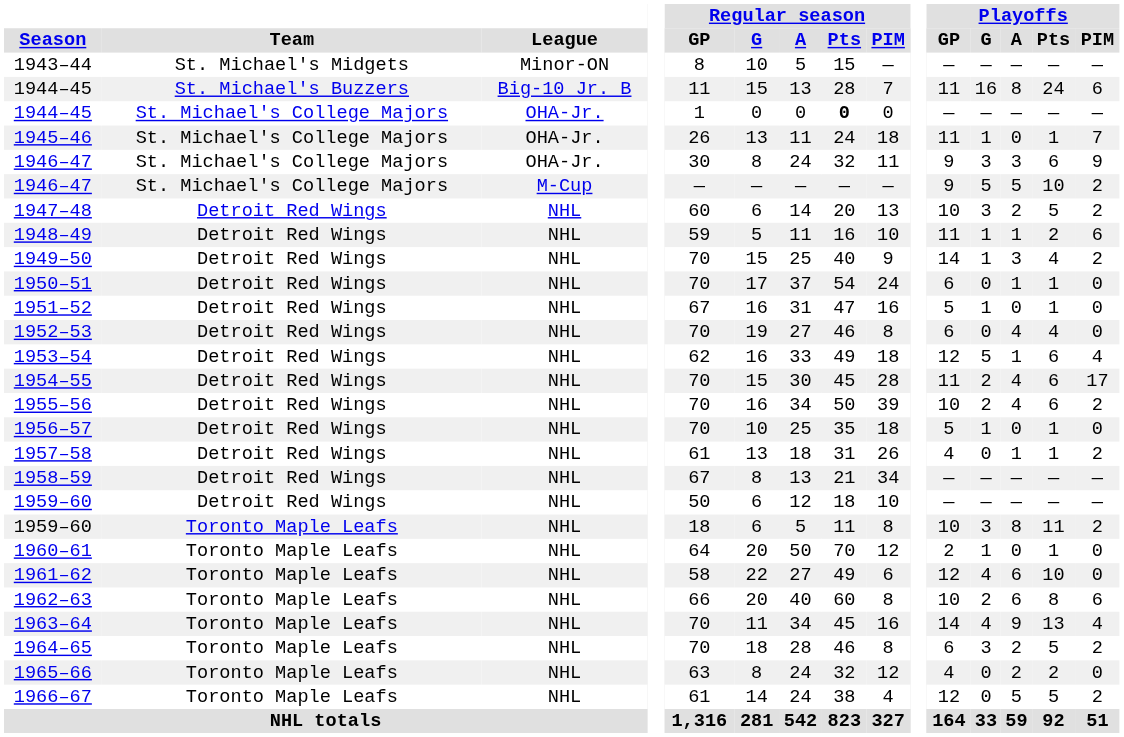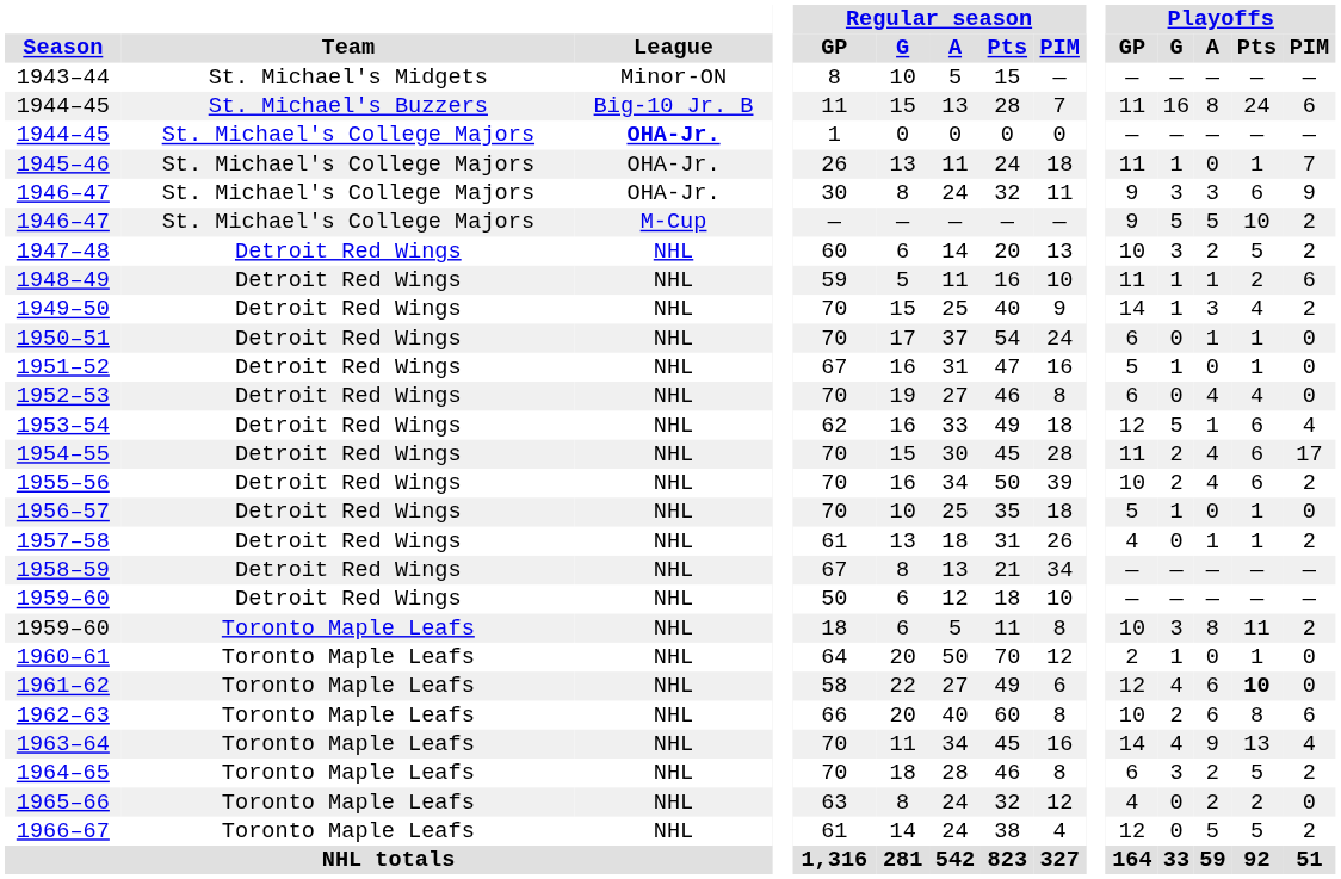 <table border="0" cellpadding="1" cellspacing="0" style="text-align:center; width:60em;">
 <tr style="background:#e0e0e0;">
 <th colspan="3"  bgcolor="#ffffff"> </th>
 <th rowspan="99" bgcolor="#ffffff"> </th>
 <th colspan="5"><a href='#'>Regular season</a></th>
 <th rowspan="99" bgcolor="#ffffff"> </th>
 <th colspan="5"><a href='#'>Playoffs</a></th>
 </tr>
 <tr style="background:#e0e0e0;">
 <th><a href='#'>Season</a></th>
 <th>Team</th>
 <th>League</th>
 <th>GP</th>
 <th><a href='#'>G</a></th>
 <th><a href='#'>A</a></th>
 <th><a href='#'>Pts</a></th>
 <th><a href='#'>PIM</a></th>
 <th>GP</th>
 <th>G</th>
 <th>A</th>
 <th>Pts</th>
 <th>PIM</th>
 </tr>
 <tr>
 <td>1943–44</td>
 <td>St. Michael's Midgets</td>
 <td>Minor-ON</td>
 <td>8</td>
 <td>10</td>
 <td>5</td>
 <td>15</td>
 <td>—</td>
 <td>—</td>
 <td>—</td>
 <td>—</td>
 <td>—</td>
 <td>—</td>
 </tr>
 <tr style="background:#f0f0f0;">
 <td>1944–45</td>
 <td><a href='#'>St. Michael's Buzzers</a></td>
 <td><a href='#'>Big-10 Jr. B</a></td>
 <td>11</td>
 <td>15</td>
 <td>13</td>
 <td>28</td>
 <td>7</td>
 <td>11</td>
 <td>16</td>
 <td>8</td>
 <td>24</td>
 <td>6</td>
 </tr>
 <tr>
 <td><a href='#'>1944–45</a></td>
 <td><a href='#'>St. Michael's College Majors</a></td>
-<td><a href='#'>OHA-Jr.</a></td>
+<td><strong><a href='#'>OHA-Jr.</a></strong></td>
 <td>1</td>
 <td>0</td>
 <td>0</td>
-<td><strong>0</strong></td>
+<td>0</td>
 <td>0</td>
 <td>—</td>
 <td>—</td>
 <td>—</td>
 <td>—</td>
 <td>—</td>
 </tr>
 <tr style="background:#f0f0f0;">
 <td><a href='#'>1945–46</a></td>
 <td>St. Michael's College Majors</td>
 <td>OHA-Jr.</td>
 <td>26</td>
 <td>13</td>
 <td>11</td>
 <td>24</td>
 <td>18</td>
 <td>11</td>
 <td>1</td>
 <td>0</td>
 <td>1</td>
 <td>7</td>
 </tr>
 <tr>
 <td><a href='#'>1946–47</a></td>
 <td>St. Michael's College Majors</td>
 <td>OHA-Jr.</td>
 <td>30</td>
 <td>8</td>
 <td>24</td>
 <td>32</td>
 <td>11</td>
 <td>9</td>
 <td>3</td>
 <td>3</td>
 <td>6</td>
 <td>9</td>
 </tr>
 <tr style="background:#f0f0f0;">
 <td><a href='#'>1946–47</a></td>
 <td>St. Michael's College Majors</td>
 <td><a href='#'>M-Cup</a></td>
 <td>—</td>
 <td>—</td>
 <td>—</td>
 <td>—</td>
 <td>—</td>
 <td>9</td>
 <td>5</td>
 <td>5</td>
 <td>10</td>
 <td>2</td>
 </tr>
 <tr>
 <td><a href='#'>1947–48</a></td>
 <td><a href='#'>Detroit Red Wings</a></td>
 <td><a href='#'>NHL</a></td>
 <td>60</td>
 <td>6</td>
 <td>14</td>
 <td>20</td>
 <td>13</td>
 <td>10</td>
 <td>3</td>
 <td>2</td>
 <td>5</td>
 <td>2</td>
 </tr>
 <tr style="background:#f0f0f0;">
 <td><a href='#'>1948–49</a></td>
 <td>Detroit Red Wings</td>
 <td>NHL</td>
 <td>59</td>
 <td>5</td>
 <td>11</td>
 <td>16</td>
 <td>10</td>
 <td>11</td>
 <td>1</td>
 <td>1</td>
 <td>2</td>
 <td>6</td>
 </tr>
 <tr>
 <td><a href='#'>1949–50</a></td>
 <td>Detroit Red Wings</td>
 <td>NHL</td>
 <td>70</td>
 <td>15</td>
 <td>25</td>
 <td>40</td>
 <td>9</td>
 <td>14</td>
 <td>1</td>
 <td>3</td>
 <td>4</td>
 <td>2</td>
 </tr>
 <tr style="background:#f0f0f0;">
 <td><a href='#'>1950–51</a></td>
 <td>Detroit Red Wings</td>
 <td>NHL</td>
 <td>70</td>
 <td>17</td>
 <td>37</td>
 <td>54</td>
 <td>24</td>
 <td>6</td>
 <td>0</td>
 <td>1</td>
 <td>1</td>
 <td>0</td>
 </tr>
 <tr>
 <td><a href='#'>1951–52</a></td>
 <td>Detroit Red Wings</td>
 <td>NHL</td>
 <td>67</td>
 <td>16</td>
 <td>31</td>
 <td>47</td>
 <td>16</td>
 <td>5</td>
 <td>1</td>
 <td>0</td>
 <td>1</td>
 <td>0</td>
 </tr>
 <tr style="background:#f0f0f0;">
 <td><a href='#'>1952–53</a></td>
 <td>Detroit Red Wings</td>
 <td>NHL</td>
 <td>70</td>
 <td>19</td>
 <td>27</td>
 <td>46</td>
 <td>8</td>
 <td>6</td>
 <td>0</td>
 <td>4</td>
 <td>4</td>
 <td>0</td>
 </tr>
 <tr>
 <td><a href='#'>1953–54</a></td>
 <td>Detroit Red Wings</td>
 <td>NHL</td>
 <td>62</td>
 <td>16</td>
 <td>33</td>
 <td>49</td>
 <td>18</td>
 <td>12</td>
 <td>5</td>
 <td>1</td>
 <td>6</td>
 <td>4</td>
 </tr>
 <tr style="background:#f0f0f0;">
 <td><a href='#'>1954–55</a></td>
 <td>Detroit Red Wings</td>
 <td>NHL</td>
 <td>70</td>
 <td>15</td>
 <td>30</td>
 <td>45</td>
 <td>28</td>
 <td>11</td>
 <td>2</td>
 <td>4</td>
 <td>6</td>
 <td>17</td>
 </tr>
 <tr>
 <td><a href='#'>1955–56</a></td>
 <td>Detroit Red Wings</td>
 <td>NHL</td>
 <td>70</td>
 <td>16</td>
 <td>34</td>
 <td>50</td>
 <td>39</td>
 <td>10</td>
 <td>2</td>
 <td>4</td>
 <td>6</td>
 <td>2</td>
 </tr>
 <tr style="background:#f0f0f0;">
 <td><a href='#'>1956–57</a></td>
 <td>Detroit Red Wings</td>
 <td>NHL</td>
 <td>70</td>
 <td>10</td>
 <td>25</td>
 <td>35</td>
 <td>18</td>
 <td>5</td>
 <td>1</td>
 <td>0</td>
 <td>1</td>
 <td>0</td>
 </tr>
 <tr>
 <td><a href='#'>1957–58</a></td>
 <td>Detroit Red Wings</td>
 <td>NHL</td>
 <td>61</td>
 <td>13</td>
 <td>18</td>
 <td>31</td>
 <td>26</td>
 <td>4</td>
 <td>0</td>
 <td>1</td>
 <td>1</td>
 <td>2</td>
 </tr>
 <tr style="background:#f0f0f0;">
 <td><a href='#'>1958–59</a></td>
 <td>Detroit Red Wings</td>
 <td>NHL</td>
 <td>67</td>
 <td>8</td>
 <td>13</td>
 <td>21</td>
 <td>34</td>
 <td>—</td>
 <td>—</td>
 <td>—</td>
 <td>—</td>
 <td>—</td>
 </tr>
 <tr>
 <td><a href='#'>1959–60</a></td>
 <td>Detroit Red Wings</td>
 <td>NHL</td>
 <td>50</td>
 <td>6</td>
 <td>12</td>
 <td>18</td>
 <td>10</td>
 <td>—</td>
 <td>—</td>
 <td>—</td>
 <td>—</td>
 <td>—</td>
 </tr>
 <tr style="background:#f0f0f0;">
 <td>1959–60</td>
 <td><a href='#'>Toronto Maple Leafs</a></td>
 <td>NHL</td>
 <td>18</td>
 <td>6</td>
 <td>5</td>
 <td>11</td>
 <td>8</td>
 <td>10</td>
 <td>3</td>
 <td>8</td>
 <td>11</td>
 <td>2</td>
 </tr>
 <tr>
 <td><a href='#'>1960–61</a></td>
 <td>Toronto Maple Leafs</td>
 <td>NHL</td>
 <td>64</td>
 <td>20</td>
 <td>50</td>
 <td>70</td>
 <td>12</td>
 <td>2</td>
 <td>1</td>
 <td>0</td>
 <td>1</td>
 <td>0</td>
 </tr>
 <tr style="background:#f0f0f0;">
 <td><a href='#'>1961–62</a></td>
 <td>Toronto Maple Leafs</td>
 <td>NHL</td>
 <td>58</td>
 <td>22</td>
 <td>27</td>
 <td>49</td>
 <td>6</td>
 <td>12</td>
 <td>4</td>
 <td>6</td>
-<td>10</td>
+<td><strong>10</strong></td>
 <td>0</td>
 </tr>
 <tr>
 <td><a href='#'>1962–63</a></td>
 <td>Toronto Maple Leafs</td>
 <td>NHL</td>
 <td>66</td>
 <td>20</td>
 <td>40</td>
 <td>60</td>
 <td>8</td>
 <td>10</td>
 <td>2</td>
 <td>6</td>
 <td>8</td>
 <td>6</td>
 </tr>
 <tr style="background:#f0f0f0;">
 <td><a href='#'>1963–64</a></td>
 <td>Toronto Maple Leafs</td>
 <td>NHL</td>
 <td>70</td>
 <td>11</td>
 <td>34</td>
 <td>45</td>
 <td>16</td>
 <td>14</td>
 <td>4</td>
 <td>9</td>
 <td>13</td>
 <td>4</td>
 </tr>
 <tr>
 <td><a href='#'>1964–65</a></td>
 <td>Toronto Maple Leafs</td>
 <td>NHL</td>
 <td>70</td>
 <td>18</td>
 <td>28</td>
 <td>46</td>
 <td>8</td>
 <td>6</td>
 <td>3</td>
 <td>2</td>
 <td>5</td>
 <td>2</td>
 </tr>
 <tr style="background:#f0f0f0;">
 <td><a href='#'>1965–66</a></td>
 <td>Toronto Maple Leafs</td>
 <td>NHL</td>
 <td>63</td>
 <td>8</td>
 <td>24</td>
 <td>32</td>
 <td>12</td>
 <td>4</td>
 <td>0</td>
 <td>2</td>
 <td>2</td>
 <td>0</td>
 </tr>
 <tr>
 <td><a href='#'>1966–67</a></td>
 <td>Toronto Maple Leafs</td>
 <td>NHL</td>
 <td>61</td>
 <td>14</td>
 <td>24</td>
 <td>38</td>
 <td>4</td>
 <td>12</td>
 <td>0</td>
 <td>5</td>
 <td>5</td>
 <td>2</td>
 </tr>
 <tr style="background:#e0e0e0;">
 <th colspan="3">NHL totals</th>
 <th>1,316</th>
 <th>281</th>
 <th>542</th>
 <th>823</th>
 <th>327</th>
 <th>164</th>
 <th>33</th>
 <th>59</th>
 <th>92</th>
 <th>51</th>
 </tr>
 </table>
